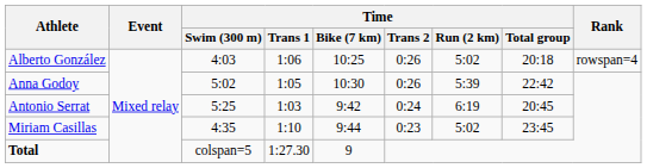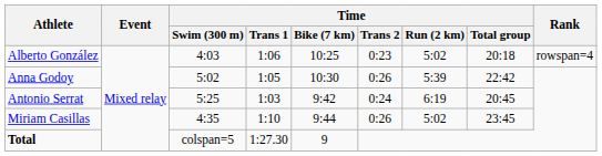 <table class="wikitable" style="font-size:90%;text-align:center;">
 <tr>
 <th rowspan=2>Athlete</th>
 <th rowspan=2>Event</th>
 <th colspan=6>Time</th>
 <th rowspan=2>Rank</th>
 </tr>
 <tr style="font-size:95%">
 <th>Swim (300 m)</th>
 <th>Trans 1</th>
 <th>Bike (7 km)</th>
 <th>Trans 2</th>
 <th>Run (2 km)</th>
 <th>Total group</th>
 </tr>
 <tr>
 <td align=left><a href='#'>Alberto González</a></td>
 <td align=left rowspan=5><a href='#'>Mixed relay</a></td>
 <td>4:03</td>
 <td>1:06</td>
 <td>10:25</td>
-<td>0:26</td>
+<td>0:23</td>
 <td>5:02</td>
 <td>20:18</td>
 <td>rowspan=4 </td>
 </tr>
 <tr>
 <td align=left><a href='#'>Anna Godoy</a></td>
 <td>5:02</td>
 <td>1:05</td>
 <td>10:30</td>
 <td>0:26</td>
 <td>5:39</td>
 <td>22:42</td>
 </tr>
 <tr>
 <td align=left><a href='#'>Antonio Serrat</a></td>
 <td>5:25</td>
 <td>1:03</td>
 <td>9:42</td>
 <td>0:24</td>
 <td>6:19</td>
 <td>20:45</td>
 </tr>
 <tr>
 <td align=left><a href='#'>Miriam Casillas</a></td>
 <td>4:35</td>
 <td>1:10</td>
 <td>9:44</td>
-<td>0:23</td>
+<td>0:26</td>
 <td>5:02</td>
 <td>23:45</td>
 </tr>
 <tr align=center>
 <td align=left><strong>Total</strong></td>
 <td>colspan=5 </td>
 <td>1:27.30</td>
 <td>9</td>
 </tr>
 </table>
